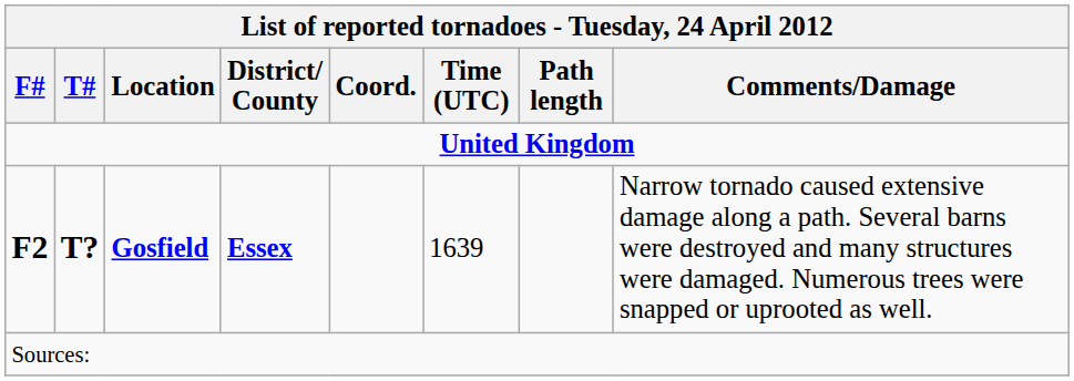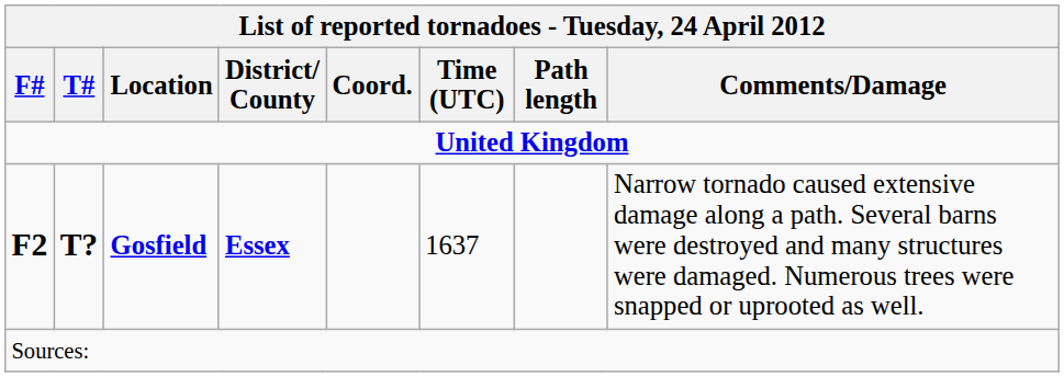 <table class="wikitable collapsible" width="100%">
 <tr>
 <th colspan="8">List of reported tornadoes - Tuesday, 24 April 2012</th>
 </tr>
 <tr>
 <th><a href='#'>F#</a></th>
 <th><a href='#'>T#</a></th>
 <th>Location</th>
 <th>District/<br>County</th>
 <th>Coord.</th>
 <th>Time (UTC)</th>
 <th>Path length</th>
 <th>Comments/Damage</th>
 </tr>
 <tr>
 <td colspan="8" align=center><strong><a href='#'>United Kingdom</a></strong></td>
 </tr>
 <tr>
 <td><big><strong>F2</strong></big></td>
 <td><big><strong>T?</strong></big></td>
 <td><strong><a href='#'>Gosfield</a></strong></td>
 <td><strong><a href='#'>Essex</a></strong></td>
 <td></td>
-<td>1639</td>
+<td>1637</td>
 <td></td>
 <td>Narrow tornado caused extensive damage along a  path. Several barns were destroyed and many structures were damaged. Numerous trees were snapped or uprooted as well.</td>
 </tr>
 <tr>
 <td colspan="8"><small>Sources:  </small></td>
 </tr>
 </table>
